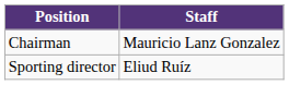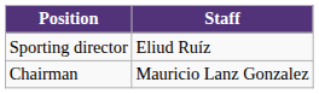 <table class="wikitable">
 <tr>
 <th style=background-color:#523379;color:#FFFFFF>Position</th>
 <th style=background-color:#523379;color:#FFFFFF>Staff</th>
 </tr>
 <tr>
+<td>Sporting director</td>
+<td> Eliud Ruíz</td>
+</tr>
+<tr>
 <td>Chairman</td>
 <td> Mauricio Lanz Gonzalez</td>
 </tr>
-<tr>
-<td>Sporting director</td>
-<td> Eliud Ruíz</td>
-</tr>
 </table>
